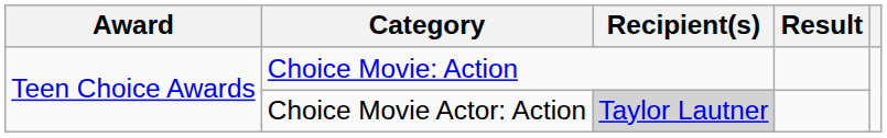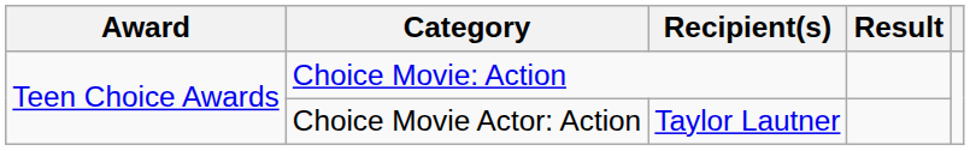 <table class="wikitable sortable">
 <tr>
 <th scope="col">Award</th>
 <th scope="col">Category</th>
 <th scope="col">Recipient(s)</th>
 <th scope="col">Result</th>
 <th scope="col"></th>
 </tr>
 <tr>
 <td rowspan="2"><a href='#'>Teen Choice Awards</a></td>
 <td colspan="2"><a href='#'>Choice Movie: Action</a></td>
 <td></td>
 <td rowspan="2"></td>
 </tr>
 <tr>
 <td>Choice Movie Actor: Action</td>
-<td style="background: lightgrey;"><a href='#'>Taylor Lautner</a></td>
+<td><a href='#'>Taylor Lautner</a></td>
 <td></td>
 </tr>
 </table>
